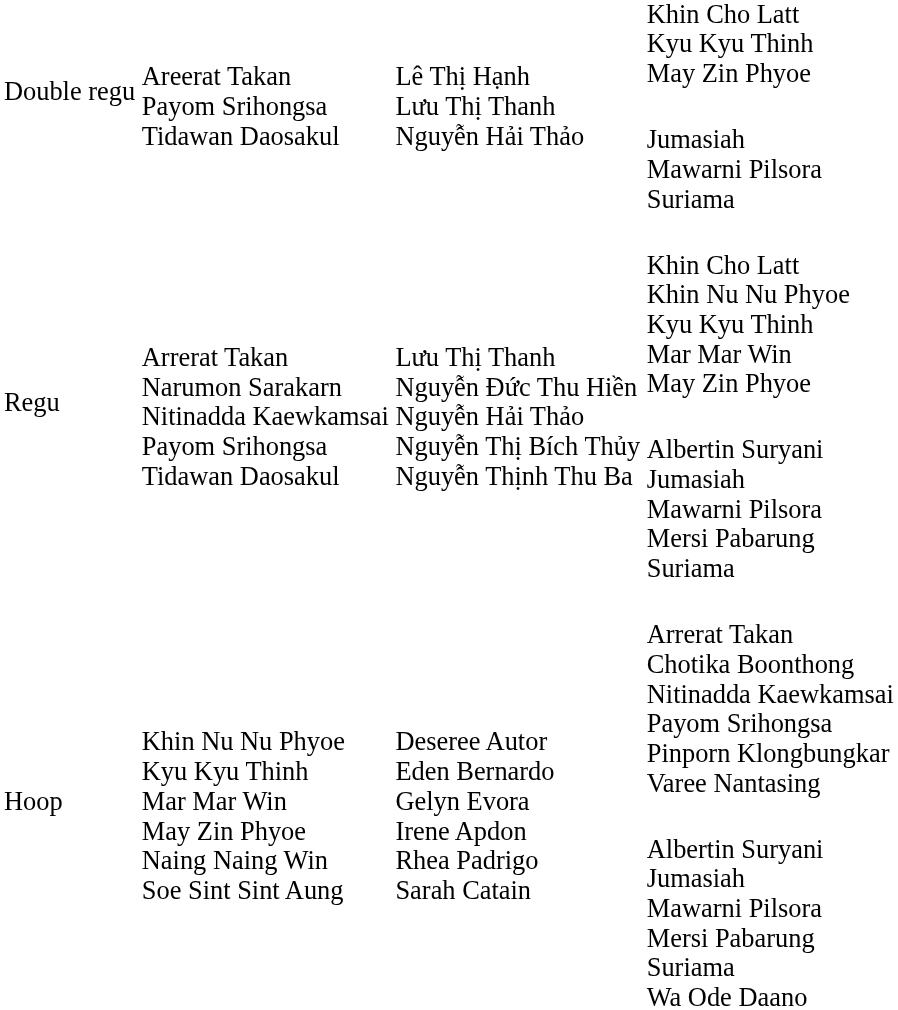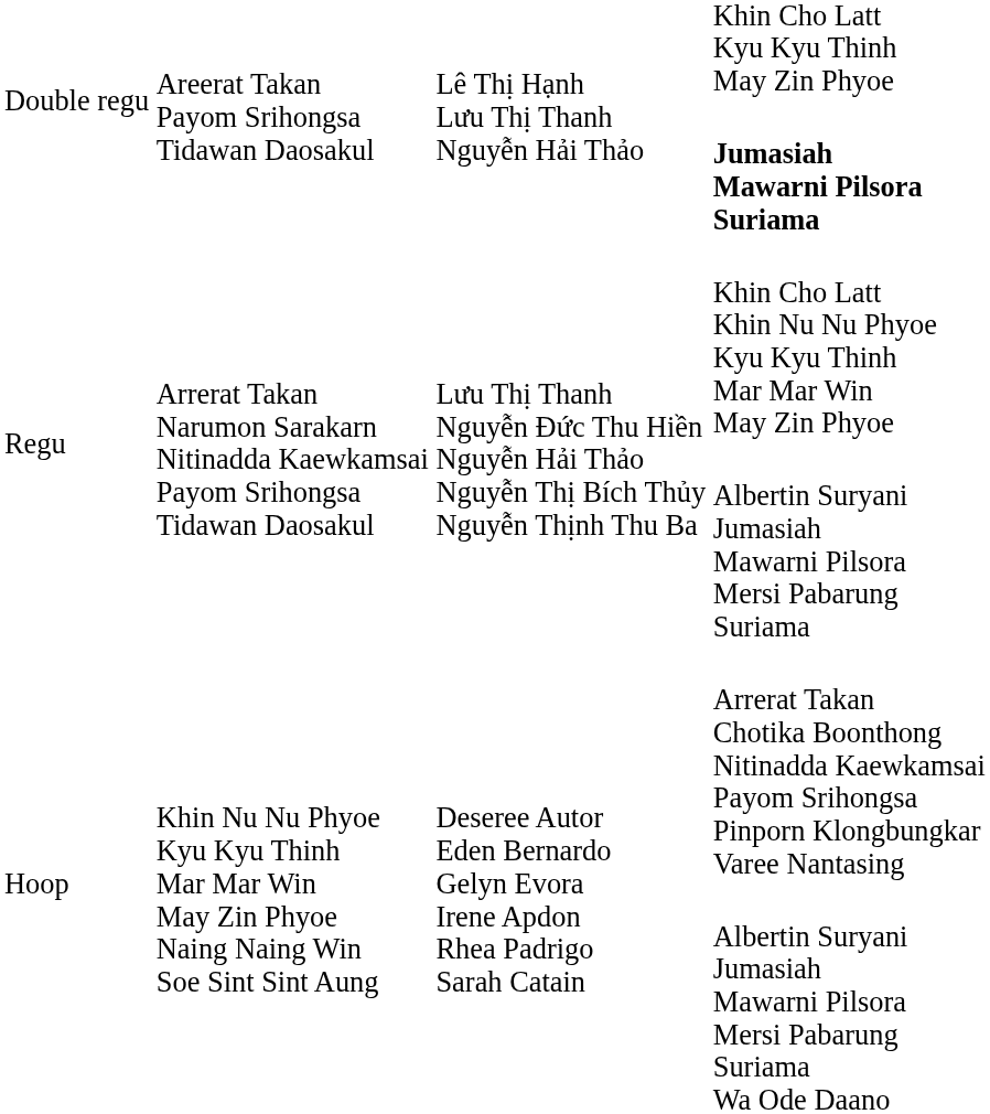 <table>
 <tr>
 <td rowspan=2>Double regu</td>
 <td rowspan=2><br>Areerat Takan<br>Payom Srihongsa<br>Tidawan Daosakul</td>
 <td rowspan=2><br>Lê Thị Hạnh<br>Lưu Thị Thanh<br>Nguyễn Hải Thảo</td>
 <td><br>Khin Cho Latt<br>Kyu Kyu Thinh<br>May Zin Phyoe</td>
 </tr>
 <tr>
-<td><br>Jumasiah<br>Mawarni Pilsora<br>Suriama</td>
+<td><strong><br>Jumasiah<br>Mawarni Pilsora<br>Suriama</strong></td>
 </tr>
 <tr>
 <td rowspan=2>Regu</td>
 <td rowspan=2 nowrap=true><br>Arrerat Takan<br>Narumon Sarakarn<br>Nitinadda Kaewkamsai<br>Payom Srihongsa<br>Tidawan Daosakul</td>
 <td rowspan=2 nowrap=true><br>Lưu Thị Thanh<br>Nguyễn Đức Thu Hiền<br>Nguyễn Hải Thảo<br>Nguyễn Thị Bích Thủy<br>Nguyễn Thịnh Thu Ba</td>
 <td><br>Khin Cho Latt<br>Khin Nu Nu Phyoe<br>Kyu Kyu Thinh<br>Mar Mar Win<br>May Zin Phyoe</td>
 </tr>
 <tr>
 <td><br>Albertin Suryani<br>Jumasiah<br>Mawarni Pilsora<br>Mersi Pabarung<br>Suriama</td>
 </tr>
 <tr>
 <td rowspan=2>Hoop</td>
 <td rowspan=2><br>Khin Nu Nu Phyoe<br>Kyu Kyu Thinh<br>Mar Mar Win<br>May Zin Phyoe<br>Naing Naing Win<br>Soe Sint Sint Aung</td>
 <td rowspan=2><br>Deseree Autor<br>Eden Bernardo<br>Gelyn Evora<br>Irene Apdon<br>Rhea Padrigo<br>Sarah Catain</td>
 <td nowrap=true><br>Arrerat Takan<br>Chotika Boonthong<br>Nitinadda Kaewkamsai<br>Payom Srihongsa<br>Pinporn Klongbungkar<br>Varee Nantasing</td>
 </tr>
 <tr>
 <td><br>Albertin Suryani<br>Jumasiah<br>Mawarni Pilsora<br>Mersi Pabarung<br>Suriama<br>Wa Ode Daano</td>
 </tr>
 </table>
